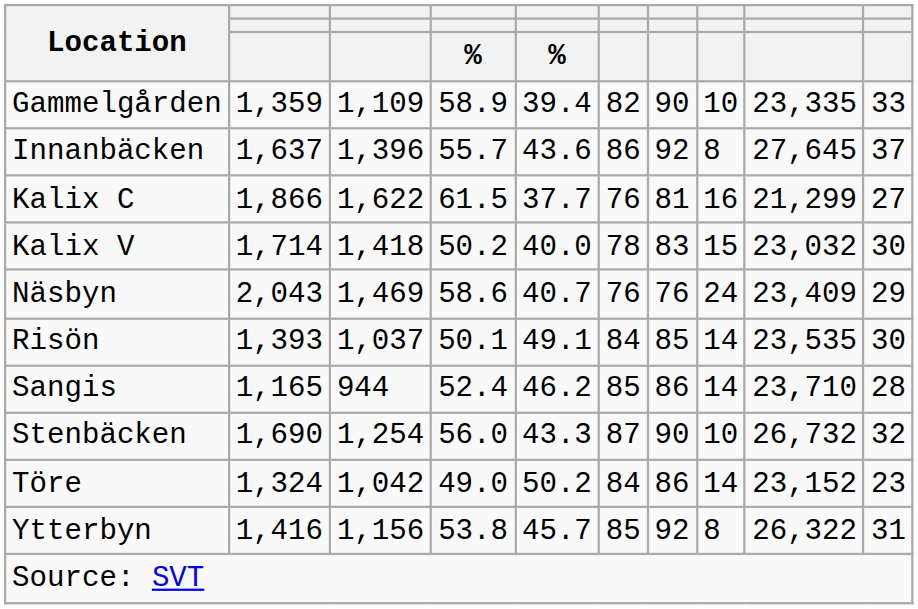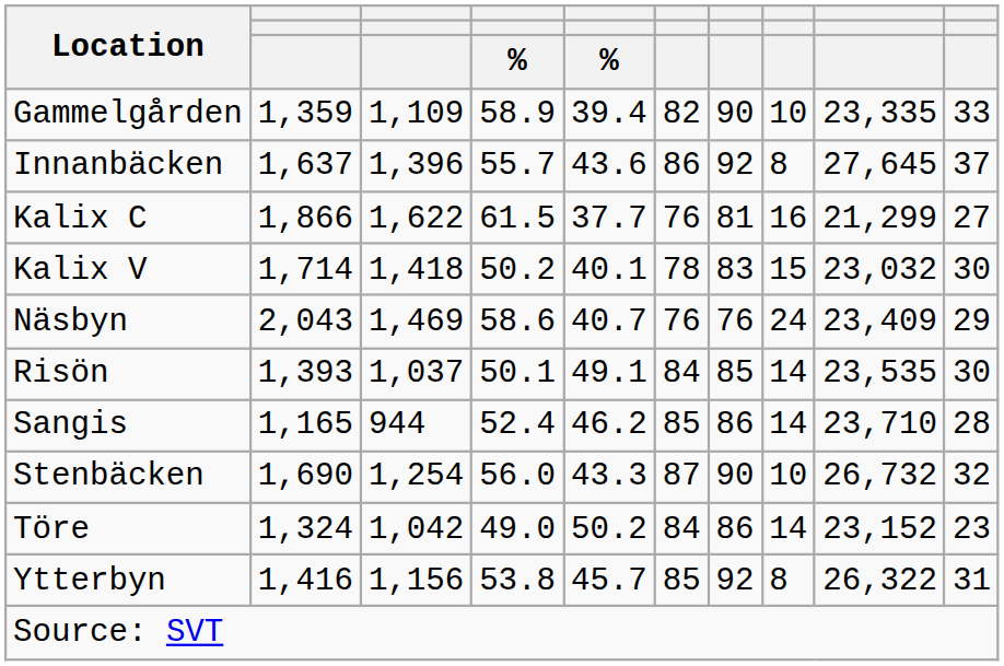 <table role="presentation" class="wikitable sortable mw-collapsible">
 <tr>
 <th rowspan="3">Location</th>
 <th></th>
 <th></th>
 <th></th>
 <th></th>
 <th></th>
 <th></th>
 <th></th>
 <th></th>
 <th></th>
 </tr>
 <tr>
 <th></th>
 <th></th>
 <th style="background:"></th>
 <th style="background:"></th>
 <th></th>
 <th></th>
 <th></th>
 <th></th>
 <th></th>
 </tr>
 <tr>
 <th data-sort-type="number"></th>
 <th data-sort-type="number"></th>
 <th data-sort-type="number">%</th>
 <th data-sort-type="number">%</th>
 <th data-sort-type="number"></th>
 <th data-sort-type="number"></th>
 <th data-sort-type="number"></th>
 <th data-sort-type="number"></th>
 <th data-sort-type="number"></th>
 </tr>
 <tr>
 <td align="left">Gammelgården</td>
 <td>1,359</td>
 <td>1,109</td>
 <td>58.9</td>
 <td>39.4</td>
 <td>82</td>
 <td>90</td>
 <td>10</td>
 <td>23,335</td>
 <td>33</td>
 </tr>
 <tr>
 <td align="left">Innanbäcken</td>
 <td>1,637</td>
 <td>1,396</td>
 <td>55.7</td>
 <td>43.6</td>
 <td>86</td>
 <td>92</td>
 <td>8</td>
 <td>27,645</td>
 <td>37</td>
 </tr>
 <tr>
 <td align="left">Kalix C</td>
 <td>1,866</td>
 <td>1,622</td>
 <td>61.5</td>
 <td>37.7</td>
 <td>76</td>
 <td>81</td>
 <td>16</td>
 <td>21,299</td>
 <td>27</td>
 </tr>
 <tr>
 <td align="left">Kalix V</td>
 <td>1,714</td>
 <td>1,418</td>
 <td>50.2</td>
-<td>40.0</td>
+<td>40.1</td>
 <td>78</td>
 <td>83</td>
 <td>15</td>
 <td>23,032</td>
 <td>30</td>
 </tr>
 <tr>
 <td align="left">Näsbyn</td>
 <td>2,043</td>
 <td>1,469</td>
 <td>58.6</td>
 <td>40.7</td>
 <td>76</td>
 <td>76</td>
 <td>24</td>
 <td>23,409</td>
 <td>29</td>
 </tr>
 <tr>
 <td align="left">Risön</td>
 <td>1,393</td>
 <td>1,037</td>
 <td>50.1</td>
 <td>49.1</td>
 <td>84</td>
 <td>85</td>
 <td>14</td>
 <td>23,535</td>
 <td>30</td>
 </tr>
 <tr>
 <td align="left">Sangis</td>
 <td>1,165</td>
 <td>944</td>
 <td>52.4</td>
 <td>46.2</td>
 <td>85</td>
 <td>86</td>
 <td>14</td>
 <td>23,710</td>
 <td>28</td>
 </tr>
 <tr>
 <td align="left">Stenbäcken</td>
 <td>1,690</td>
 <td>1,254</td>
 <td>56.0</td>
 <td>43.3</td>
 <td>87</td>
 <td>90</td>
 <td>10</td>
 <td>26,732</td>
 <td>32</td>
 </tr>
 <tr>
 <td align="left">Töre</td>
 <td>1,324</td>
 <td>1,042</td>
 <td>49.0</td>
 <td>50.2</td>
 <td>84</td>
 <td>86</td>
 <td>14</td>
 <td>23,152</td>
 <td>23</td>
 </tr>
 <tr>
 <td align="left">Ytterbyn</td>
 <td>1,416</td>
 <td>1,156</td>
 <td>53.8</td>
 <td>45.7</td>
 <td>85</td>
 <td>92</td>
 <td>8</td>
 <td>26,322</td>
 <td>31</td>
 </tr>
 <tr>
 <td colspan="10" align="left">Source: <a href='#'>SVT</a></td>
 </tr>
 </table>
